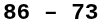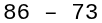 <table style="text-align:center;">
 <tr>
 <th width=200></th>
 <th width=100></th>
 <th width=200></th>
 <th></th>
 </tr>
 <tr>
 <td align=right><strong></strong></td>
-<td><strong>86 – 73</strong></td>
+<td>86 – 73</td>
 <td align=left></td>
 </tr>
 </table>
